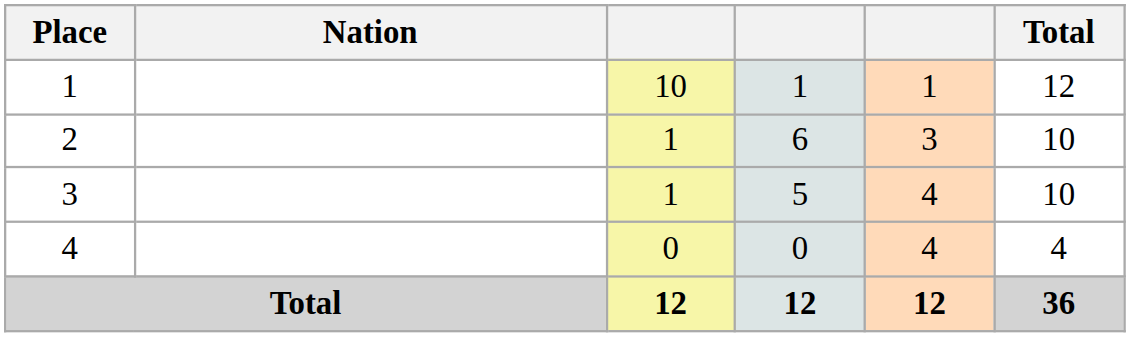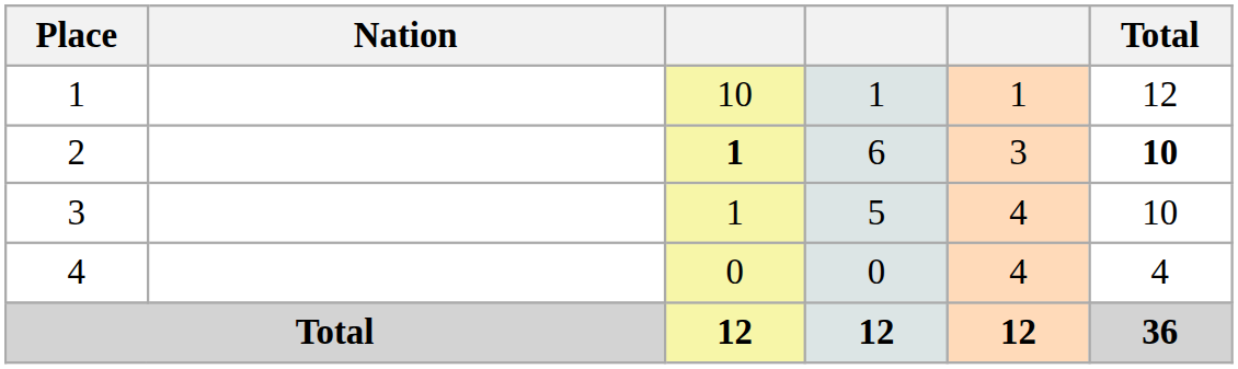 <table class=wikitable style="border:1px solid #AAAAAA;font-size:90%">
 <tr bgcolor="#EFEFEF">
 <th width=50>Place</th>
 <th width=200>Nation</th>
 <th width=50></th>
 <th width=50></th>
 <th width=50></th>
 <th width=50>Total</th>
 </tr>
 <tr align="center" valign="top" bgcolor="#FFFFFF">
 <td>1</td>
 <td align="left"></td>
 <td style="background:#F7F6A8;">10</td>
 <td style="background:#DCE5E5;">1</td>
 <td style="background:#FFDAB9;">1</td>
 <td>12</td>
 </tr>
 <tr align="center" valign="top" bgcolor="#FFFFFF">
 <td>2</td>
 <td align="left"></td>
-<td style="background:#F7F6A8;">1</td>
+<td style="background:#F7F6A8;"><strong>1</strong></td>
 <td style="background:#DCE5E5;">6</td>
 <td style="background:#FFDAB9;">3</td>
-<td>10</td>
+<td><strong>10</strong></td>
 </tr>
 <tr align="center" valign="top" bgcolor="#FFFFFF">
 <td>3</td>
 <td align="left"></td>
 <td style="background:#F7F6A8;">1</td>
 <td style="background:#DCE5E5;">5</td>
 <td style="background:#FFDAB9;">4</td>
 <td>10</td>
 </tr>
 <tr align="center" valign="top" bgcolor="#FFFFFF">
 <td>4</td>
 <td align="left"></td>
 <td style="background:#F7F6A8;">0</td>
 <td style="background:#DCE5E5;">0</td>
 <td style="background:#FFDAB9;">4</td>
 <td>4</td>
 </tr>
 <tr align="center">
 <td colspan="2" bgcolor=D3D3D3><strong>Total</strong></td>
 <td style="background:#F7F6A8;"><strong>12</strong></td>
 <td style="background:#DCE5E5;"><strong>12</strong></td>
 <td style="background:#FFDAB9;"><strong>12</strong></td>
 <td bgcolor=D3D3D3><strong>36</strong></td>
 </tr>
 </table>
